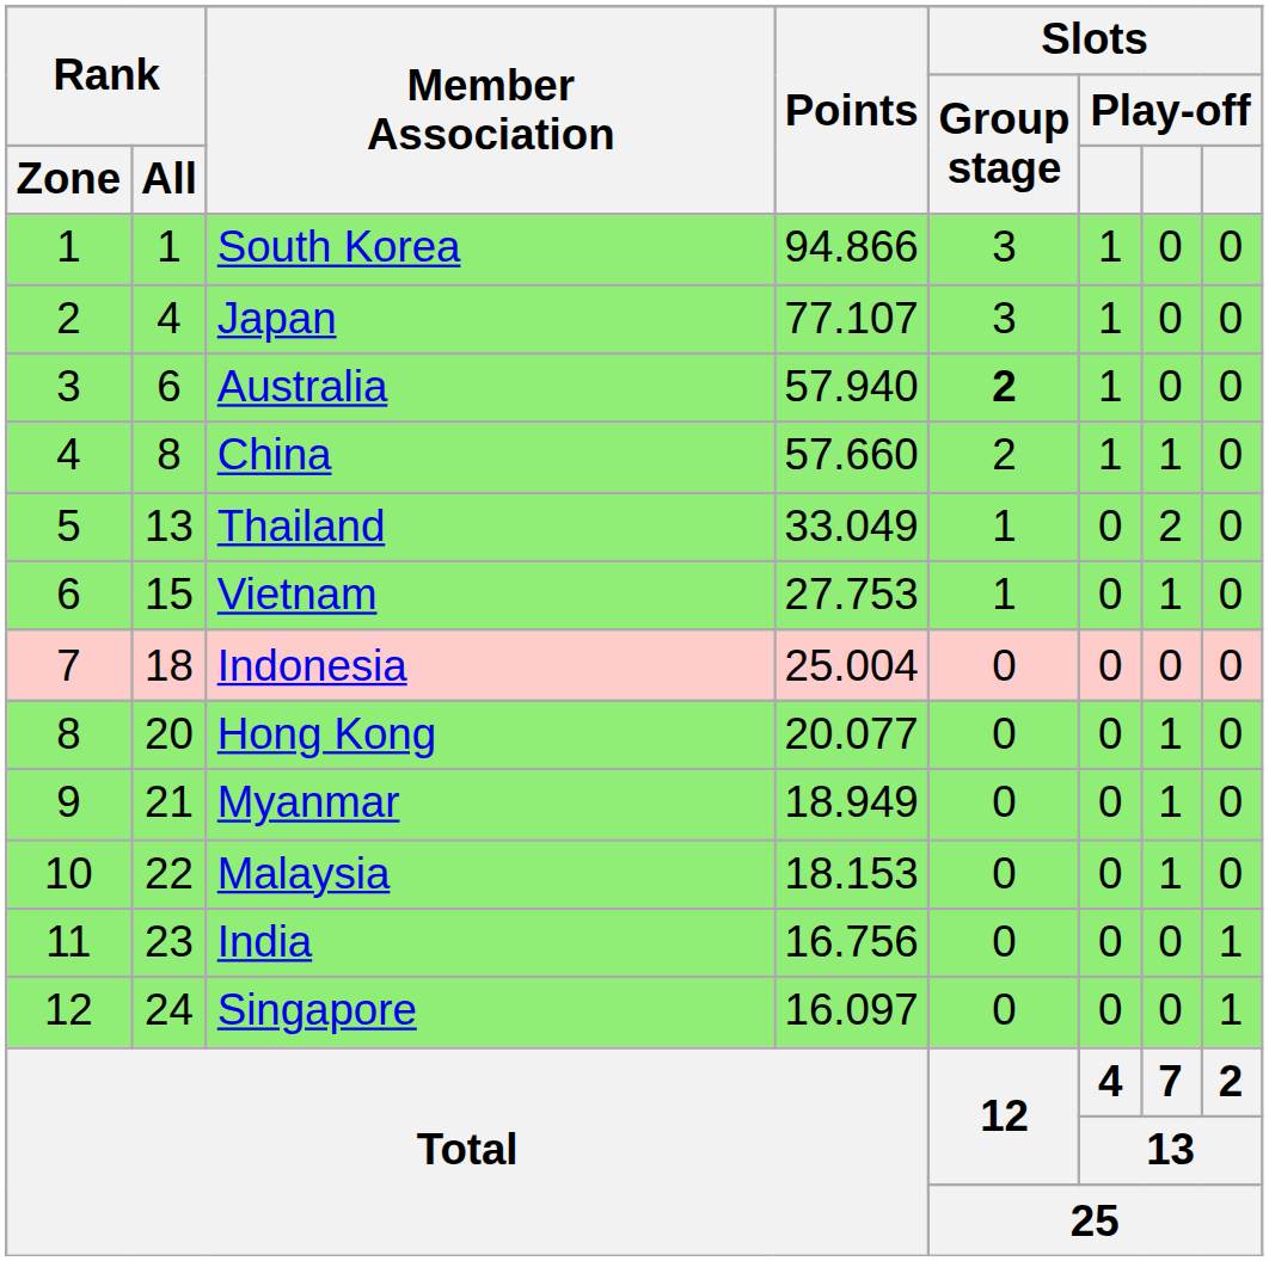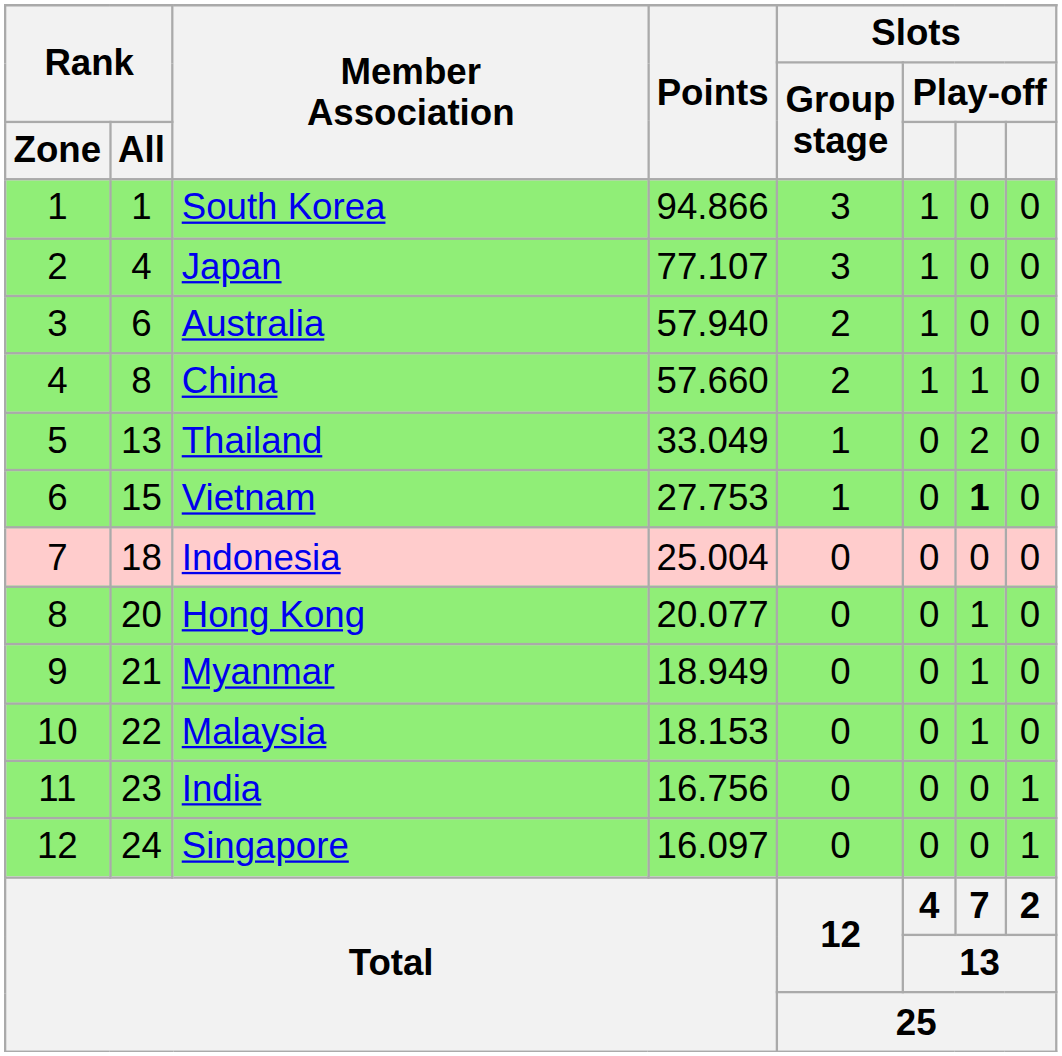 <table class="wikitable" style="text-align:center">
 <tr>
 </tr>
 <tr>
 <th colspan=2 rowspan=2>Rank</th>
 <th rowspan=3 width=200>Member<br>Association</th>
 <th rowspan=3>Points</th>
 <th colspan=4>Slots</th>
 </tr>
 <tr>
 <th rowspan=2>Group<br>stage</th>
 <th colspan=3>Play-off</th>
 </tr>
 <tr>
 <th>Zone</th>
 <th>All</th>
 <th></th>
 <th></th>
 <th></th>
 </tr>
 <tr bgcolor=#90ee77>
 <td>1</td>
 <td>1</td>
 <td align=left> <a href='#'>South Korea</a></td>
 <td>94.866</td>
 <td>3</td>
 <td>1</td>
 <td>0</td>
 <td>0</td>
 </tr>
 <tr bgcolor=#90ee77>
 <td>2</td>
 <td>4</td>
 <td align=left> <a href='#'>Japan</a></td>
 <td>77.107</td>
 <td>3</td>
 <td>1</td>
 <td>0</td>
 <td>0</td>
 </tr>
 <tr bgcolor=#90ee77>
 <td>3</td>
 <td>6</td>
 <td align=left> <a href='#'>Australia</a></td>
 <td>57.940</td>
-<td><strong>2</strong></td>
+<td>2</td>
 <td>1</td>
 <td>0</td>
 <td>0</td>
 </tr>
 <tr bgcolor=#90ee77>
 <td>4</td>
 <td>8</td>
 <td align=left> <a href='#'>China</a></td>
 <td>57.660</td>
 <td>2</td>
 <td>1</td>
 <td>1</td>
 <td>0</td>
 </tr>
 <tr bgcolor=#90ee77>
 <td>5</td>
 <td>13</td>
 <td align=left> <a href='#'>Thailand</a></td>
 <td>33.049</td>
 <td>1</td>
 <td>0</td>
 <td>2</td>
 <td>0</td>
 </tr>
 <tr bgcolor=#90ee77>
 <td>6</td>
 <td>15</td>
 <td align=left> <a href='#'>Vietnam</a></td>
 <td>27.753</td>
 <td>1</td>
 <td>0</td>
-<td>1</td>
+<td><strong>1</strong></td>
 <td>0</td>
 </tr>
 <tr bgcolor=#ffcccc>
 <td>7</td>
 <td>18</td>
 <td align=left> <a href='#'>Indonesia</a></td>
 <td>25.004</td>
 <td>0</td>
 <td>0</td>
 <td>0</td>
 <td>0</td>
 </tr>
 <tr bgcolor=#90ee77>
 <td>8</td>
 <td>20</td>
 <td align=left> <a href='#'>Hong Kong</a></td>
 <td>20.077</td>
 <td>0</td>
 <td>0</td>
 <td>1</td>
 <td>0</td>
 </tr>
 <tr bgcolor=#90ee77>
 <td>9</td>
 <td>21</td>
 <td align=left> <a href='#'>Myanmar</a></td>
 <td>18.949</td>
 <td>0</td>
 <td>0</td>
 <td>1</td>
 <td>0</td>
 </tr>
 <tr bgcolor=#90ee77>
 <td>10</td>
 <td>22</td>
 <td align=left> <a href='#'>Malaysia</a></td>
 <td>18.153</td>
 <td>0</td>
 <td>0</td>
 <td>1</td>
 <td>0</td>
 </tr>
 <tr bgcolor=#90ee77>
 <td>11</td>
 <td>23</td>
 <td align=left> <a href='#'>India</a></td>
 <td>16.756</td>
 <td>0</td>
 <td>0</td>
 <td>0</td>
 <td>1</td>
 </tr>
 <tr bgcolor=#90ee77>
 <td>12</td>
 <td>24</td>
 <td align=left> <a href='#'>Singapore</a></td>
 <td>16.097</td>
 <td>0</td>
 <td>0</td>
 <td>0</td>
 <td>1</td>
 </tr>
 <tr>
 <th colspan=4 rowspan=3>Total</th>
 <th rowspan=2>12</th>
 <th>4</th>
 <th>7</th>
 <th>2</th>
 </tr>
 <tr>
 <th colspan=3>13</th>
 </tr>
 <tr>
 <th colspan=4>25</th>
 </tr>
 </table>
